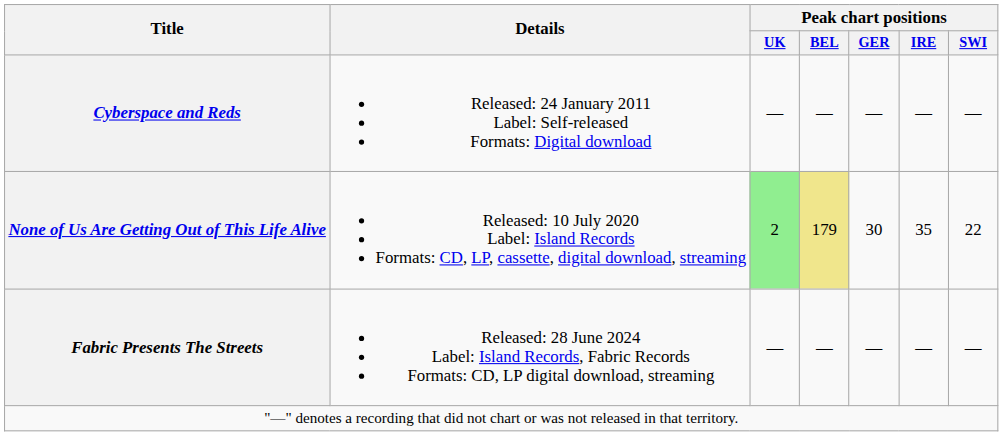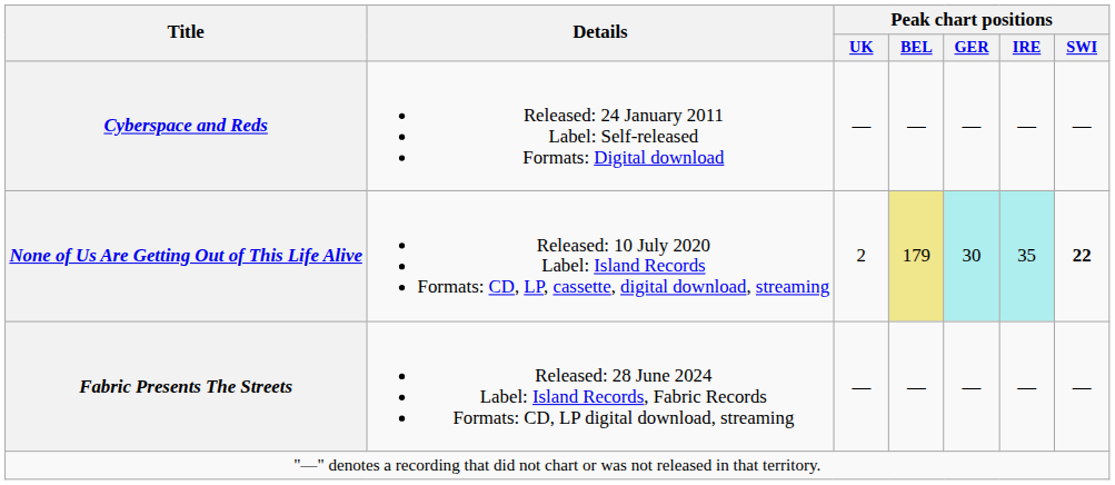 <table class="wikitable plainrowheaders" style="text-align:center;" border="1">
 <tr>
 <th scope="col" rowspan="2">Title</th>
 <th scope="col" rowspan="2">Details</th>
 <th scope="col" colspan="5">Peak chart positions</th>
 </tr>
 <tr>
 <th scope="col" style="width:3em;font-size:85%;"><a href='#'>UK</a><br></th>
 <th scope="col" style="width:3em;font-size:85%;"><a href='#'>BEL</a><br></th>
 <th scope="col" style="width:3em;font-size:85%;"><a href='#'>GER</a><br></th>
 <th scope="col" style="width:3em;font-size:85%;"><a href='#'>IRE</a><br></th>
 <th scope="col" style="width:3em;font-size:85%;"><a href='#'>SWI</a><br></th>
 </tr>
 <tr>
 <th scope="row"><em><a href='#'>Cyberspace and Reds</a></em></th>
 <td><br><ul><li>Released: 24 January 2011</li><li>Label: Self-released</li><li>Formats: <a href='#'>Digital download</a></li></ul></td>
 <td>—</td>
 <td>—</td>
 <td>—</td>
 <td>—</td>
 <td>—</td>
 </tr>
 <tr>
 <th scope="row"><em><a href='#'>None of Us Are Getting Out of This Life Alive</a></em></th>
 <td><br><ul><li>Released: 10 July 2020</li><li>Label: <a href='#'>Island Records</a></li><li>Formats: <a href='#'>CD</a>, <a href='#'>LP</a>, <a href='#'>cassette</a>, <a href='#'>digital download</a>, <a href='#'>streaming</a></li></ul></td>
-<td style="background: lightgreen;">2</td>
+<td>2</td>
 <td style="background: khaki;">179</td>
-<td>30</td>
-<td>35</td>
-<td>22</td>
+<td style="background: paleturquoise;">30</td>
+<td style="background: paleturquoise;">35</td>
+<td><strong>22</strong></td>
 </tr>
 <tr>
 <th scope="row"><em>Fabric Presents The Streets</em></th>
 <td><br><ul><li>Released: 28 June 2024</li><li>Label: <a href='#'>Island Records</a>, Fabric Records</li><li>Formats: CD, LP digital download, streaming</li></ul></td>
 <td>—</td>
 <td>—</td>
 <td>—</td>
 <td>—</td>
 <td>—</td>
 </tr>
 <tr>
 <td colspan="14" style="font-size:90%">"—" denotes a recording that did not chart or was not released in that territory.</td>
 </tr>
 </table>
